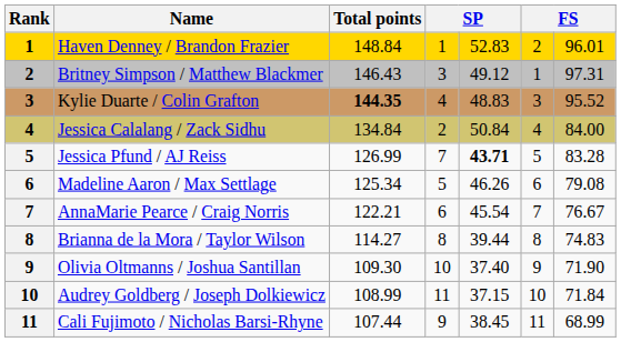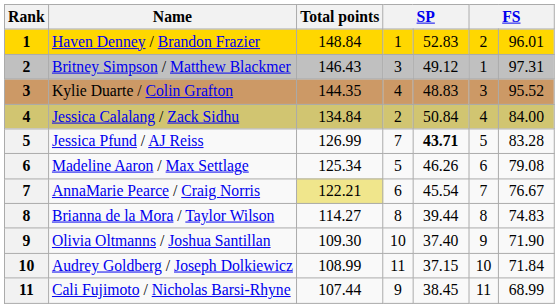 <table class="wikitable sortable">
 <tr>
 <th>Rank</th>
 <th>Name</th>
 <th>Total points</th>
 <th colspan="2" width="80px"><a href='#'>SP</a></th>
 <th colspan="2" width="80px"><a href='#'>FS</a></th>
 </tr>
 <tr bgcolor="gold">
 <td align="center"><strong>1</strong></td>
 <td><a href='#'>Haven Denney</a> / <a href='#'>Brandon Frazier</a></td>
 <td align="center">148.84</td>
 <td align="center">1</td>
 <td align="center">52.83</td>
 <td align="center">2</td>
 <td align="center">96.01</td>
 </tr>
 <tr bgcolor="silver">
 <td align="center"><strong>2</strong></td>
 <td><a href='#'>Britney Simpson</a> / <a href='#'>Matthew Blackmer</a></td>
 <td align="center">146.43</td>
 <td align="center">3</td>
 <td align="center">49.12</td>
 <td align="center">1</td>
 <td align="center">97.31</td>
 </tr>
 <tr bgcolor="cc9966">
 <td align="center"><strong>3</strong></td>
 <td>Kylie Duarte / <a href='#'>Colin Grafton</a></td>
-<td align="center"><strong>144.35</strong></td>
+<td align="center">144.35</td>
 <td align="center">4</td>
 <td align="center">48.83</td>
 <td align="center">3</td>
 <td align="center">95.52</td>
 </tr>
 <tr bgcolor="#d1c571">
 <td align="center"><strong>4</strong></td>
 <td><a href='#'>Jessica Calalang</a> / <a href='#'>Zack Sidhu</a></td>
 <td align="center">134.84</td>
 <td align="center">2</td>
 <td align="center">50.84</td>
 <td align="center">4</td>
 <td align="center">84.00</td>
 </tr>
 <tr>
 <th>5</th>
 <td><a href='#'>Jessica Pfund</a> / <a href='#'>AJ Reiss</a></td>
 <td align="center">126.99</td>
 <td align="center">7</td>
 <td align="center"><strong>43.71</strong></td>
 <td align="center">5</td>
 <td align="center">83.28</td>
 </tr>
 <tr>
 <th>6</th>
 <td><a href='#'>Madeline Aaron</a> / <a href='#'>Max Settlage</a></td>
 <td align="center">125.34</td>
 <td align="center">5</td>
 <td align="center">46.26</td>
 <td align="center">6</td>
 <td align="center">79.08</td>
 </tr>
 <tr>
 <th>7</th>
 <td><a href='#'>AnnaMarie Pearce</a> / <a href='#'>Craig Norris</a></td>
-<td align="center">122.21</td>
+<td align="center" style="background: khaki;">122.21</td>
 <td align="center">6</td>
 <td align="center">45.54</td>
 <td align="center">7</td>
 <td align="center">76.67</td>
 </tr>
 <tr>
 <th>8</th>
 <td><a href='#'>Brianna de la Mora</a> / <a href='#'>Taylor Wilson</a></td>
 <td align="center">114.27</td>
 <td align="center">8</td>
 <td align="center">39.44</td>
 <td align="center">8</td>
 <td align="center">74.83</td>
 </tr>
 <tr>
 <th>9</th>
 <td><a href='#'>Olivia Oltmanns</a> / <a href='#'>Joshua Santillan</a></td>
 <td align="center">109.30</td>
 <td align="center">10</td>
 <td align="center">37.40</td>
 <td align="center">9</td>
 <td align="center">71.90</td>
 </tr>
 <tr>
 <th>10</th>
 <td><a href='#'>Audrey Goldberg</a> / <a href='#'>Joseph Dolkiewicz</a></td>
 <td align="center">108.99</td>
 <td align="center">11</td>
 <td align="center">37.15</td>
 <td align="center">10</td>
 <td align="center">71.84</td>
 </tr>
 <tr>
 <th>11</th>
 <td><a href='#'>Cali Fujimoto</a> / <a href='#'>Nicholas Barsi-Rhyne</a></td>
 <td align="center">107.44</td>
 <td align="center">9</td>
 <td align="center">38.45</td>
 <td align="center">11</td>
 <td align="center">68.99</td>
 </tr>
 </table>
